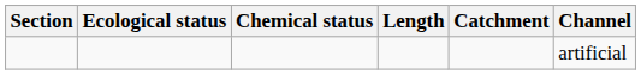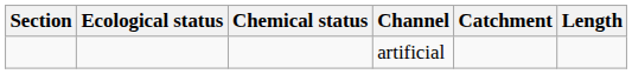 <table class="wikitable">
 <tr>
 <th>Section</th>
 <th>Ecological status</th>
 <th>Chemical status</th>
+<th>Channel</th>
+<th>Catchment</th>
 <th>Length</th>
-<th>Catchment</th>
-<th>Channel</th>
 </tr>
 <tr>
 <td></td>
 <td></td>
 <td></td>
+<td>artificial</td>
 <td></td>
 <td></td>
-<td>artificial</td>
 </tr>
 </table>
